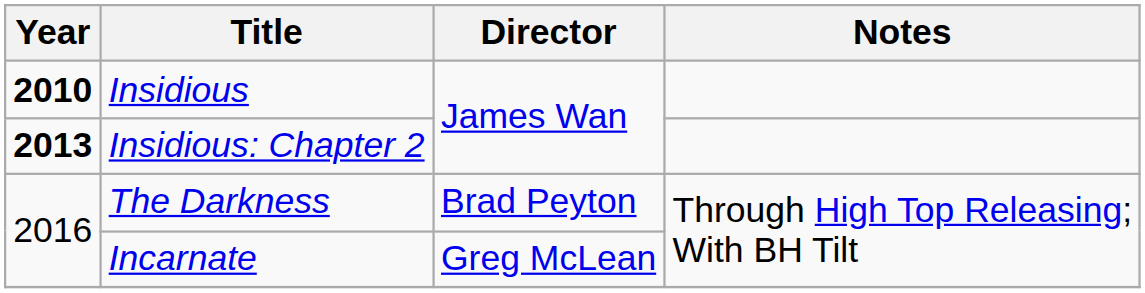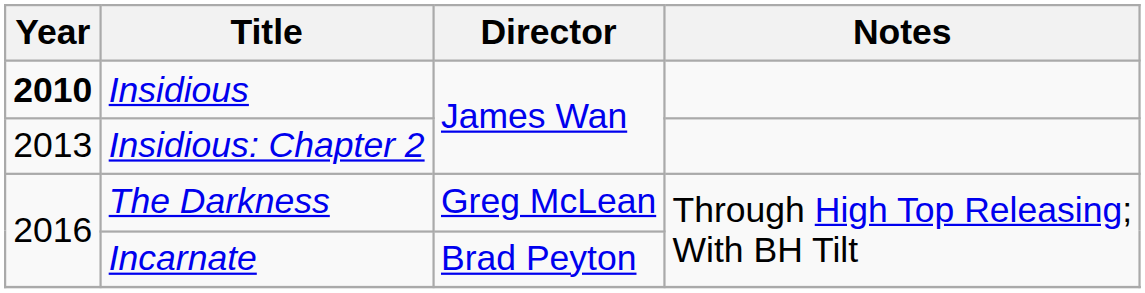 <table class="wikitable">
 <tr>
 <th>Year</th>
 <th>Title</th>
 <th>Director</th>
 <th>Notes</th>
 </tr>
 <tr>
 <td><strong>2010</strong></td>
 <td><em><a href='#'>Insidious</a></em></td>
 <td rowspan=2><a href='#'>James Wan</a></td>
 <td></td>
 </tr>
 <tr>
-<td><strong>2013</strong></td>
+<td>2013</td>
 <td><em><a href='#'>Insidious: Chapter 2</a></em></td>
 <td></td>
 </tr>
 <tr>
 <td rowspan=2>2016</td>
 <td><em><a href='#'>The Darkness</a></em></td>
-<td><a href='#'>Brad Peyton</a></td>
+<td><a href='#'>Greg McLean</a></td>
 <td rowspan=2>Through <a href='#'>High Top Releasing</a>;<br>With BH Tilt</td>
 </tr>
 <tr>
 <td><em><a href='#'>Incarnate</a></em></td>
-<td><a href='#'>Greg McLean</a></td>
+<td><a href='#'>Brad Peyton</a></td>
 </tr>
 <tr>
 </tr>
 </table>
